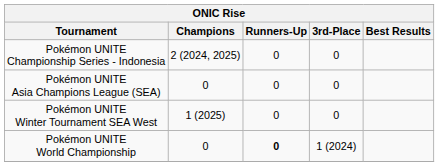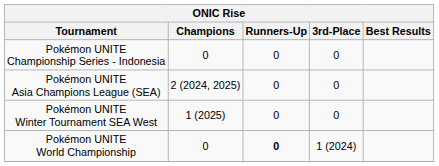 <table class="wikitable" style="font-size:80%; text-align:center;">
 <tr>
 <td colspan="8" style="background-color:#f2f2f2;"> <strong>ONIC Rise</strong></td>
 </tr>
 <tr>
 <th>Tournament</th>
 <th>Champions</th>
 <th>Runners-Up</th>
 <th>3rd-Place</th>
 <th>Best Results</th>
 </tr>
 <tr>
 <td>Pokémon UNITE <br> Championship Series - Indonesia</td>
-<td>2 (2024, 2025)</td>
+<td>0</td>
 <td>0</td>
 <td>0</td>
 <td></td>
 </tr>
 <tr>
 <td>Pokémon UNITE <br> Asia Champions League (SEA)</td>
-<td>0</td>
+<td>2 (2024, 2025)</td>
 <td>0</td>
 <td>0</td>
 <td></td>
 </tr>
 <tr>
 <td>Pokémon UNITE <br> Winter Tournament SEA West</td>
 <td>1 (2025)</td>
 <td>0</td>
 <td>0</td>
 <td></td>
 </tr>
 <tr>
 <td>Pokémon UNITE <br> World Championship</td>
 <td>0</td>
 <td><strong>0</strong></td>
 <td>1 (2024)</td>
 <td></td>
 </tr>
 <tr>
 </tr>
 </table>
